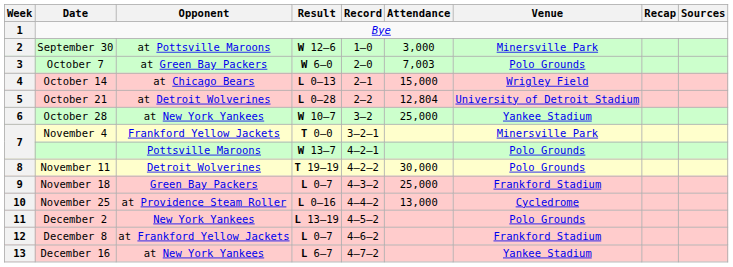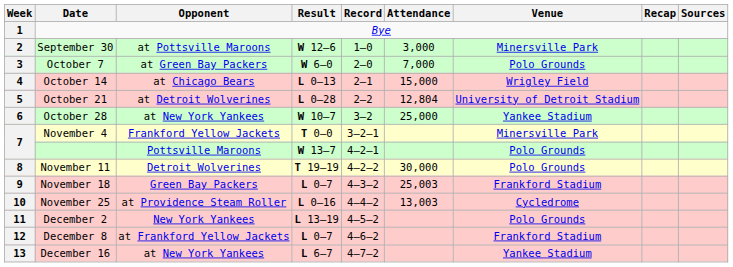 <table class="wikitable" style="text-align:center">
 <tr>
 <th>Week</th>
 <th>Date</th>
 <th>Opponent</th>
 <th>Result</th>
 <th>Record</th>
 <th>Attendance</th>
 <th>Venue</th>
 <th>Recap</th>
 <th>Sources</th>
 </tr>
 <tr>
 <th>1</th>
 <td colspan="9"><em><a href='#'>Bye</a></em></td>
 </tr>
 <tr style="background:#cfc">
 <th>2</th>
 <td>September 30</td>
 <td>at <a href='#'>Pottsville Maroons</a></td>
 <td><strong>W</strong> 12–6</td>
 <td>1–0</td>
 <td>3,000 </td>
 <td><a href='#'>Minersville Park</a></td>
 <td></td>
 <td></td>
 </tr>
 <tr style="background:#cfc">
 <th>3</th>
 <td>October 7</td>
 <td>at <a href='#'>Green Bay Packers</a></td>
 <td><strong>W</strong> 6–0</td>
 <td>2–0</td>
-<td>7,003</td>
+<td>7,000</td>
 <td><a href='#'>Polo Grounds</a></td>
 <td></td>
 <td></td>
 </tr>
 <tr style="background:#fcc">
 <th>4</th>
 <td>October 14</td>
 <td>at <a href='#'>Chicago Bears</a></td>
 <td><strong>L</strong> 0–13</td>
 <td>2–1</td>
 <td>15,000</td>
 <td><a href='#'>Wrigley Field</a></td>
 <td></td>
 <td></td>
 </tr>
 <tr style="background:#fcc">
 <th>5</th>
 <td>October 21</td>
 <td>at <a href='#'>Detroit Wolverines</a></td>
 <td><strong>L</strong> 0–28</td>
 <td>2–2</td>
 <td>12,804</td>
 <td><a href='#'>University of Detroit Stadium</a></td>
 <td></td>
 <td></td>
 </tr>
 <tr style="background:#cfc">
 <th>6</th>
 <td>October 28</td>
 <td>at <a href='#'>New York Yankees</a></td>
 <td><strong>W</strong> 10–7</td>
 <td>3–2</td>
 <td>25,000</td>
 <td><a href='#'>Yankee Stadium</a></td>
 <td></td>
 <td></td>
 </tr>
 <tr style="background:#ffc">
 <th rowspan="2">7</th>
 <td>November 4</td>
 <td><a href='#'>Frankford Yellow Jackets</a></td>
 <td><strong>T</strong> 0–0</td>
 <td>3–2–1</td>
 <td></td>
 <td><a href='#'>Minersville Park</a></td>
 <td></td>
 <td></td>
 </tr>
 <tr style="background:#cfc">
 <td></td>
 <td><a href='#'>Pottsville Maroons</a></td>
 <td><strong>W</strong> 13–7</td>
 <td>4–2–1</td>
 <td></td>
 <td><a href='#'>Polo Grounds</a></td>
 <td></td>
 <td></td>
 </tr>
 <tr style="background:#ffc">
 <th>8</th>
 <td>November 11</td>
 <td><a href='#'>Detroit Wolverines</a></td>
 <td><strong>T</strong> 19–19</td>
 <td>4–2–2</td>
 <td>30,000</td>
 <td><a href='#'>Polo Grounds</a></td>
 <td></td>
 <td></td>
 </tr>
 <tr style="background:#fcc">
 <th>9</th>
 <td>November 18</td>
 <td><a href='#'>Green Bay Packers</a></td>
 <td><strong>L</strong> 0–7</td>
 <td>4–3–2</td>
-<td>25,000 </td>
+<td>25,003 </td>
 <td><a href='#'>Frankford Stadium</a></td>
 <td></td>
 <td></td>
 </tr>
 <tr style="background:#fcc">
 <th>10</th>
 <td>November 25</td>
 <td>at <a href='#'>Providence Steam Roller</a></td>
 <td><strong>L</strong> 0–16</td>
 <td>4–4–2</td>
-<td>13,000</td>
+<td>13,003</td>
 <td><a href='#'>Cycledrome</a></td>
 <td></td>
 <td></td>
 </tr>
 <tr style="background:#fcc">
 <th>11</th>
 <td>December 2</td>
 <td><a href='#'>New York Yankees</a></td>
 <td><strong>L</strong> 13–19</td>
 <td>4–5–2</td>
 <td></td>
 <td><a href='#'>Polo Grounds</a></td>
 <td></td>
 <td></td>
 </tr>
 <tr style="background:#fcc">
 <th>12</th>
 <td>December 8</td>
 <td>at <a href='#'>Frankford Yellow Jackets</a></td>
 <td><strong>L</strong> 0–7</td>
 <td>4–6–2</td>
 <td></td>
 <td><a href='#'>Frankford Stadium</a></td>
 <td></td>
 <td></td>
 </tr>
 <tr style="background:#fcc">
 <th>13</th>
 <td>December 16</td>
 <td>at <a href='#'>New York Yankees</a></td>
 <td><strong>L</strong> 6–7</td>
 <td>4–7–2</td>
 <td></td>
 <td><a href='#'>Yankee Stadium</a></td>
 <td></td>
 <td></td>
 </tr>
 </table>
